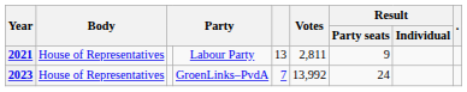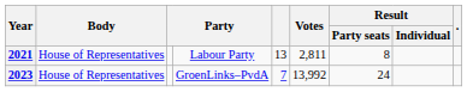 <table class="wikitable plainrowheaders sortable" border=2 cellpadding=4 cellspacing=0 style="border: 1px #aaa solid; font-size: 90%; text-align:center;">
 <tr>
 <th scope="col" rowspan=2>Year</th>
 <th scope="col" rowspan=2>Body</th>
 <th scope="col" colspan=2 rowspan=2>Party</th>
 <th scope="col" rowspan=2></th>
 <th scope="col" rowspan=2>Votes</th>
 <th scope="colgroup" colspan=2>Result</th>
 <th scope="col" rowspan=2 class="unsortable">.</th>
 </tr>
 <tr>
 <th scope="col">Party seats</th>
 <th scope="col">Individual</th>
 </tr>
 <tr>
 <th scope="row"><a href='#'>2021</a></th>
 <td><a href='#'>House of Representatives</a></td>
 <td style="background-color:"></td>
 <td><a href='#'>Labour Party</a></td>
 <td style=text-align:right>13</td>
 <td style=text-align:right>2,811</td>
-<td style=text-align:right>9</td>
+<td style=text-align:right>8</td>
 <td></td>
 <td></td>
 </tr>
 <tr>
 <th scope="row"><a href='#'>2023</a></th>
 <td><a href='#'>House of Representatives</a></td>
 <td style="background-color:"></td>
 <td><a href='#'>GroenLinks–PvdA</a></td>
 <td style=text-align:right><a href='#'>7</a></td>
 <td style=text-align:right>13,992</td>
 <td style=text-align:right>24</td>
 <td></td>
 <td></td>
 </tr>
 </table>
